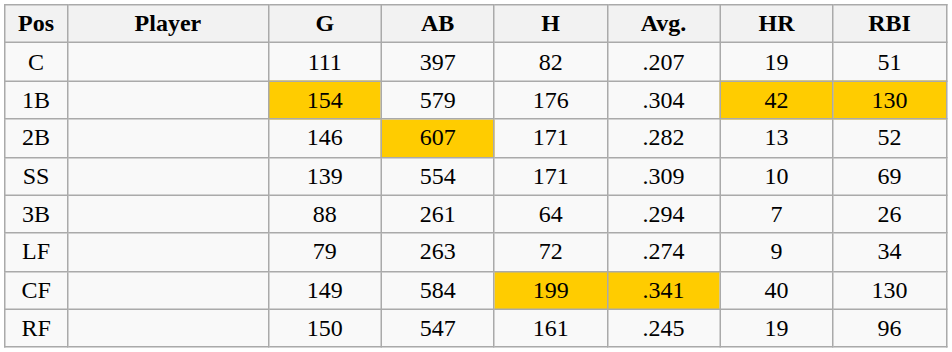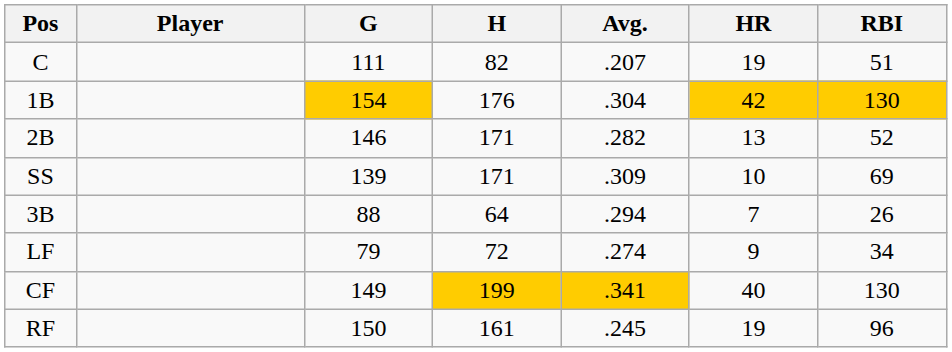 <table class="wikitable sortable">
 <tr>
 <th bgcolor="#DDDDFF" width="5%">Pos</th>
 <th bgcolor="#DDDDFF" width="16%">Player</th>
 <th bgcolor="#DDDDFF" width="9%">G</th>
-<th bgcolor="#DDDDFF" width="9%">AB</th>
 <th bgcolor="#DDDDFF" width="9%">H</th>
 <th bgcolor="#DDDDFF" width="9%">Avg.</th>
 <th bgcolor="#DDDDFF" width="9%">HR</th>
 <th bgcolor="#DDDDFF" width="9%">RBI</th>
 </tr>
 <tr align="center">
 <td>C</td>
 <td></td>
 <td>111</td>
-<td>397</td>
 <td>82</td>
 <td>.207</td>
 <td>19</td>
 <td>51</td>
 </tr>
 <tr align="center">
 <td>1B</td>
 <td></td>
 <td style="background:#fc0;">154</td>
-<td>579</td>
 <td>176</td>
 <td>.304</td>
 <td style="background:#fc0;">42</td>
 <td style="background:#fc0;">130</td>
 </tr>
 <tr align="center">
 <td>2B</td>
 <td></td>
 <td>146</td>
-<td style="background:#fc0;">607</td>
 <td>171</td>
 <td>.282</td>
 <td>13</td>
 <td>52</td>
 </tr>
 <tr align="center">
 <td>SS</td>
 <td></td>
 <td>139</td>
-<td>554</td>
 <td>171</td>
 <td>.309</td>
 <td>10</td>
 <td>69</td>
 </tr>
 <tr align="center">
 <td>3B</td>
 <td></td>
 <td>88</td>
-<td>261</td>
 <td>64</td>
 <td>.294</td>
 <td>7</td>
 <td>26</td>
 </tr>
 <tr align="center">
 <td>LF</td>
 <td></td>
 <td>79</td>
-<td>263</td>
 <td>72</td>
 <td>.274</td>
 <td>9</td>
 <td>34</td>
 </tr>
 <tr align="center">
 <td>CF</td>
 <td></td>
 <td>149</td>
-<td>584</td>
 <td style="background:#fc0;">199</td>
 <td style="background:#fc0;">.341</td>
 <td>40</td>
 <td>130</td>
 </tr>
 <tr align="center">
 <td>RF</td>
 <td></td>
 <td>150</td>
-<td>547</td>
 <td>161</td>
 <td>.245</td>
 <td>19</td>
 <td>96</td>
 </tr>
 </table>
